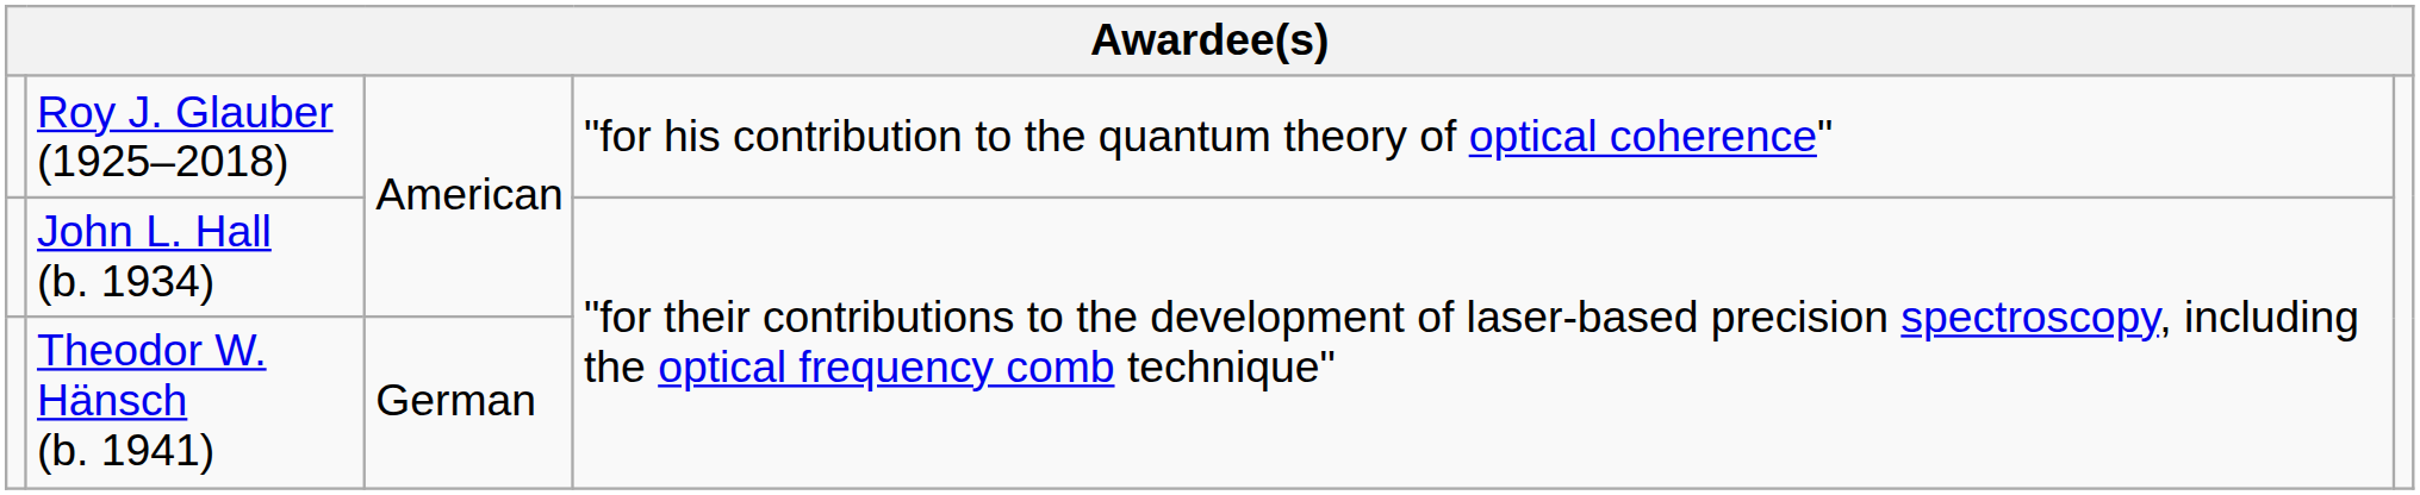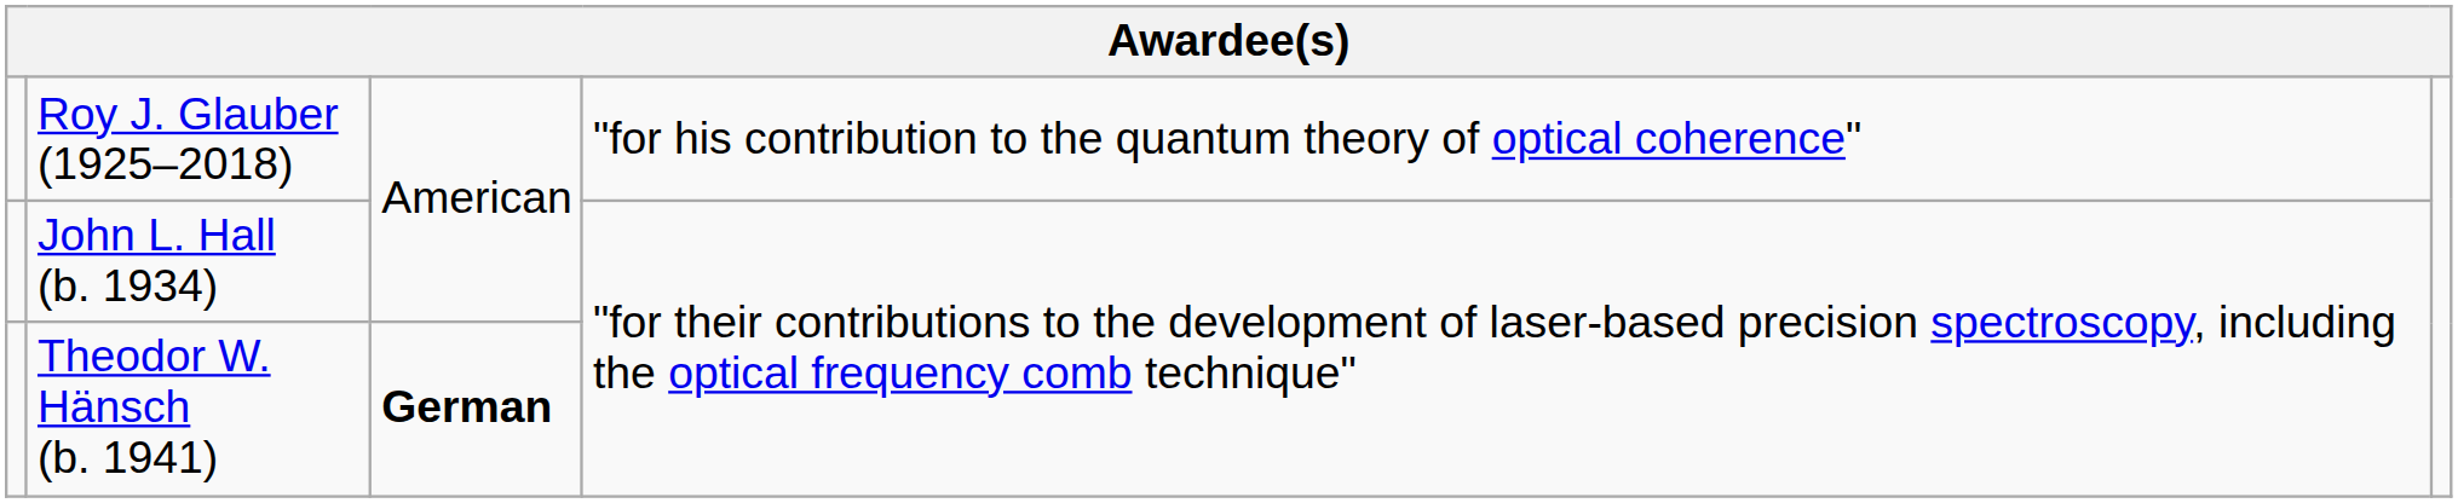 <table class="wikitable">
 <tr>
 <th colspan="5">Awardee(s)</th>
 </tr>
 <tr>
 <td></td>
 <td><a href='#'>Roy J. Glauber</a><br>(1925–2018)</td>
 <td rowspan="2"> American</td>
 <td>"for his contribution to the quantum theory of <a href='#'>optical coherence</a>"</td>
 <td rowspan="3"></td>
 </tr>
 <tr>
 <td></td>
 <td><a href='#'>John L. Hall</a><br>(b. 1934)</td>
 <td rowspan="2">"for their contributions to the development of laser-based precision <a href='#'>spectroscopy</a>, including the <a href='#'>optical frequency comb</a> technique"</td>
 </tr>
 <tr>
 <td></td>
 <td><a href='#'>Theodor W. Hänsch</a><br>(b. 1941)</td>
-<td> German</td>
+<td><strong> German</strong></td>
 </tr>
 </table>
